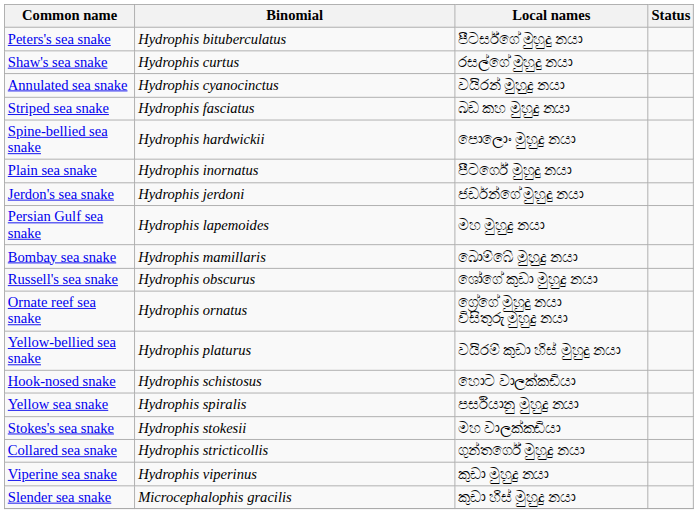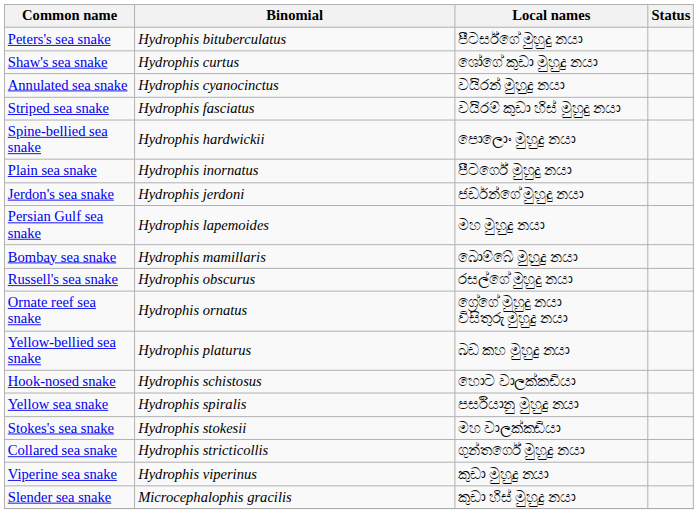 <table width=60% class="wikitable">
 <tr>
 <th width=20%>Common name</th>
 <th width=50%>Binomial</th>
 <th width=90%>Local names</th>
 <th width=20%>Status</th>
 </tr>
 <tr>
 <td><a href='#'>Peters's sea snake</a></td>
 <td><em>Hydrophis bituberculatus</em></td>
 <td>පීටර්ස්ගේ මුහුදු නයා</td>
 <td></td>
 </tr>
 <tr>
 <td><a href='#'>Shaw's sea snake</a></td>
 <td><em>Hydrophis curtus</em></td>
-<td>රසල්ගේ මුහුදු නයා</td>
+<td>ශෝගේ කුඩා මුහුදු නයා</td>
 <td></td>
 </tr>
 <tr>
 <td><a href='#'>Annulated sea snake</a><br></td>
 <td><em>Hydrophis cyanocinctus</em></td>
 <td>වයිරන් මුහුදු නයා</td>
 <td></td>
 </tr>
 <tr>
 <td><a href='#'>Striped sea snake</a></td>
 <td><em>Hydrophis fasciatus</em></td>
-<td>බඩ කහ මුහුදු නයා</td>
+<td>වයිරම් කුඩා හිස් මුහුදු නයා</td>
 <td></td>
 </tr>
 <tr>
 <td><a href='#'>Spine-bellied sea snake</a><br></td>
 <td><em>Hydrophis hardwickii</em></td>
 <td>පොලොං මුහුදු නයා</td>
 <td></td>
 </tr>
 <tr>
 <td><a href='#'>Plain sea snake</a></td>
 <td><em>Hydrophis inornatus</em></td>
 <td>පීටර්ගේ මුහුදු නයා</td>
 <td></td>
 </tr>
 <tr>
 <td><a href='#'>Jerdon's sea snake</a></td>
 <td><em>Hydrophis jerdoni</em></td>
 <td>ජර්ඩන්ගේ මුහුදු නයා</td>
 <td></td>
 </tr>
 <tr>
 <td><a href='#'>Persian Gulf sea snake</a><br></td>
 <td><em>Hydrophis lapemoides</em></td>
 <td>මහ මුහුදු නයා</td>
 <td></td>
 </tr>
 <tr>
 <td><a href='#'>Bombay sea snake</a></td>
 <td><em>Hydrophis mamillaris</em></td>
 <td>බොම්බේ මුහුදු නයා</td>
 <td></td>
 </tr>
 <tr>
 <td><a href='#'>Russell's sea snake</a></td>
 <td><em>Hydrophis obscurus</em></td>
-<td>ශෝගේ කුඩා මුහුදු නයා</td>
+<td>රසල්ගේ මුහුදු නයා</td>
 <td></td>
 </tr>
 <tr>
 <td><a href='#'>Ornate reef sea snake</a><br></td>
 <td><em>Hydrophis ornatus</em></td>
 <td>ග්‍රේගේ මුහුදු නයා <br>විසිතුරු මුහුදු නයා</td>
 <td></td>
 </tr>
 <tr>
 <td><a href='#'>Yellow-bellied sea snake</a><br></td>
 <td><em>Hydrophis platurus</em></td>
-<td>වයිරම් කුඩා හිස් මුහුදු නයා</td>
+<td>බඩ කහ මුහුදු නයා</td>
 <td></td>
 </tr>
 <tr>
 <td><a href='#'>Hook-nosed snake</a><br></td>
 <td><em>Hydrophis schistosus</em></td>
 <td>හොට වාලක්කඩියා</td>
 <td></td>
 </tr>
 <tr>
 <td><a href='#'>Yellow sea snake</a></td>
 <td><em>Hydrophis spiralis</em></td>
 <td>පර්සියානු මුහුදු නයා</td>
 <td></td>
 </tr>
 <tr>
 <td><a href='#'>Stokes's sea snake</a></td>
 <td><em>Hydrophis stokesii</em></td>
 <td>මහ වාලක්කඩියා</td>
 <td></td>
 </tr>
 <tr>
 <td><a href='#'>Collared sea snake</a></td>
 <td><em>Hydrophis stricticollis</em></td>
 <td>ගුන්තර්ගේ මුහුදු නයා</td>
 <td></td>
 </tr>
 <tr>
 <td><a href='#'>Viperine sea snake</a></td>
 <td><em>Hydrophis viperinus</em></td>
 <td>කුඩා මුහුදු නයා</td>
 <td></td>
 </tr>
 <tr>
 <td><a href='#'>Slender sea snake</a></td>
 <td><em>Microcephalophis gracilis</em></td>
 <td>කුඩා හිස් මුහුදු නයා</td>
 <td></td>
 </tr>
 <tr>
 </tr>
 </table>
